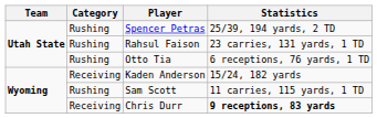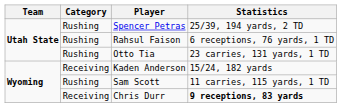 <table class="wikitable" style="float: right;">
 <tr>
 <th>Team</th>
 <th>Category</th>
 <th>Player</th>
 <th>Statistics</th>
 </tr>
 <tr>
 <td rowspan=3><strong>Utah State</strong></td>
 <td>Rushing</td>
 <td><a href='#'>Spencer Petras</a></td>
 <td>25/39, 194 yards, 2 TD</td>
 </tr>
 <tr>
 <td>Rushing</td>
 <td>Rahsul Faison</td>
-<td>23 carries, 131 yards, 1 TD</td>
+<td>6 receptions, 76 yards, 1 TD</td>
 </tr>
 <tr>
 <td>Rushing</td>
 <td>Otto Tia</td>
-<td>6 receptions, 76 yards, 1 TD</td>
+<td>23 carries, 131 yards, 1 TD</td>
 </tr>
 <tr>
 <td rowspan=3><strong>Wyoming</strong></td>
 <td>Receiving</td>
 <td>Kaden Anderson</td>
 <td>15/24, 182 yards</td>
 </tr>
 <tr>
 <td>Rushing</td>
 <td>Sam Scott</td>
 <td>11 carries, 115 yards, 1 TD</td>
 </tr>
 <tr>
 <td>Receiving</td>
 <td>Chris Durr</td>
 <td><strong>9 receptions, 83 yards</strong></td>
 </tr>
 </table>
